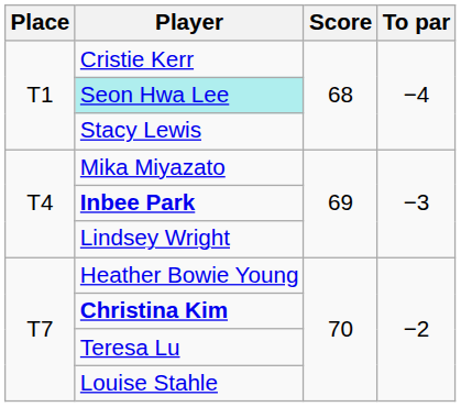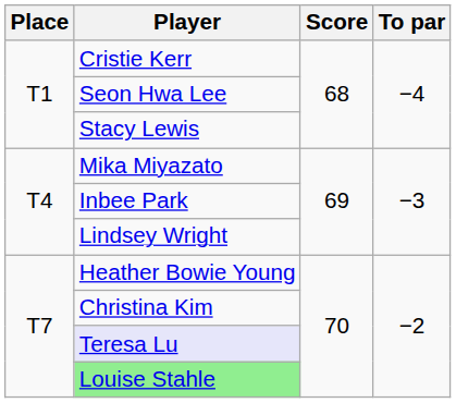 <table class="wikitable">
 <tr>
 <th>Place</th>
 <th>Player</th>
 <th>Score</th>
 <th>To par</th>
 </tr>
 <tr>
 <td rowspan=3 align=center>T1</td>
 <td> <a href='#'>Cristie Kerr</a></td>
 <td rowspan=3 align=center>68</td>
 <td rowspan=3 align=center>−4</td>
 </tr>
 <tr>
-<td style="background: paleturquoise;"> <a href='#'>Seon Hwa Lee</a></td>
+<td> <a href='#'>Seon Hwa Lee</a></td>
 </tr>
 <tr>
 <td> <a href='#'>Stacy Lewis</a></td>
 </tr>
 <tr>
 <td rowspan=3 align=center>T4</td>
 <td> <a href='#'>Mika Miyazato</a></td>
 <td rowspan=3 align=center>69</td>
 <td rowspan=3 align=center>−3</td>
 </tr>
 <tr>
-<td><strong> <a href='#'>Inbee Park</a></strong></td>
+<td> <a href='#'>Inbee Park</a></td>
 </tr>
 <tr>
 <td> <a href='#'>Lindsey Wright</a></td>
 </tr>
 <tr>
 <td rowspan=4 align=center>T7</td>
 <td> <a href='#'>Heather Bowie Young</a></td>
 <td align=center rowspan=4>70</td>
 <td rowspan=4 align=center>−2</td>
 </tr>
 <tr>
-<td><strong> <a href='#'>Christina Kim</a></strong></td>
+<td> <a href='#'>Christina Kim</a></td>
 </tr>
 <tr>
-<td> <a href='#'>Teresa Lu</a></td>
+<td style="background: lavender;"> <a href='#'>Teresa Lu</a></td>
 </tr>
 <tr>
-<td> <a href='#'>Louise Stahle</a></td>
+<td style="background: lightgreen;"> <a href='#'>Louise Stahle</a></td>
 </tr>
 </table>
